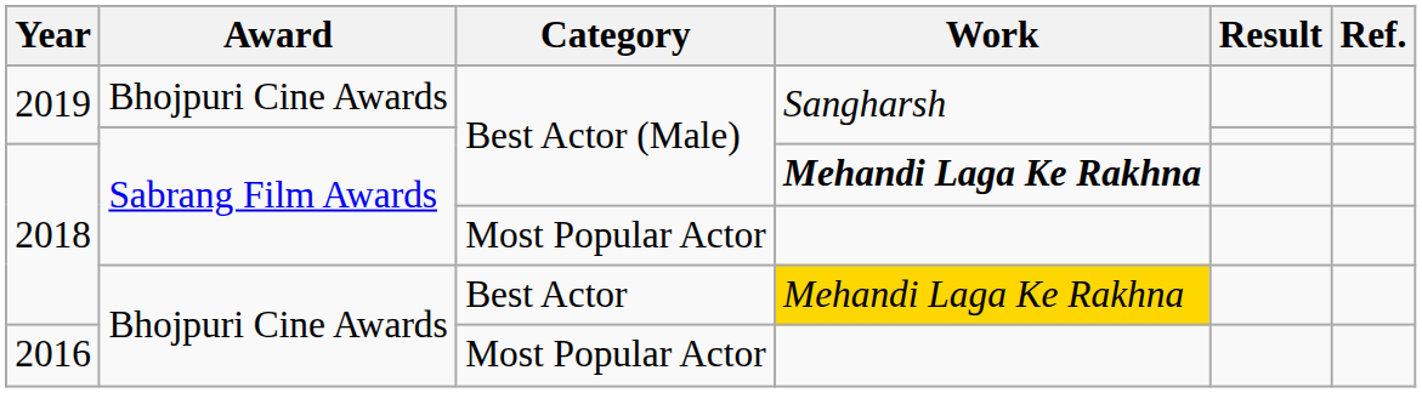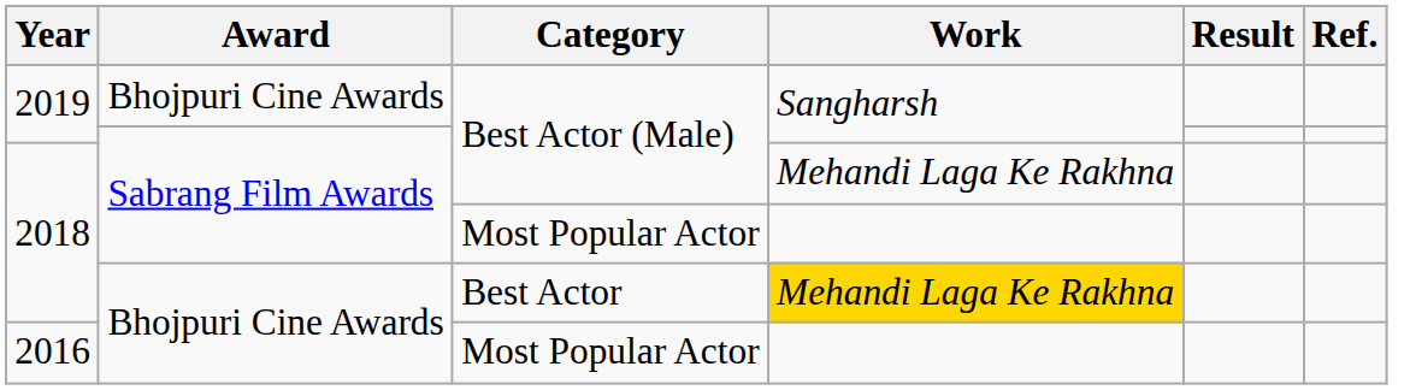 <table class="wikitable">
 <tr>
 <th>Year</th>
 <th>Award</th>
 <th>Category</th>
 <th>Work</th>
 <th>Result</th>
 <th>Ref.</th>
 </tr>
 <tr>
 <td rowspan="2">2019</td>
 <td>Bhojpuri Cine Awards</td>
 <td rowspan=3>Best Actor (Male)</td>
 <td rowspan=2><em>Sangharsh</em></td>
 <td></td>
 <td></td>
 </tr>
 <tr>
 <td rowspan=3><a href='#'>Sabrang Film Awards</a></td>
 <td></td>
 <td></td>
 </tr>
 <tr>
 <td rowspan=3>2018</td>
-<td><strong><em>Mehandi Laga Ke Rakhna</em></strong></td>
+<td><em>Mehandi Laga Ke Rakhna</em></td>
 <td></td>
 <td></td>
 </tr>
 <tr>
 <td>Most Popular Actor</td>
 <td></td>
 <td></td>
 <td></td>
 </tr>
 <tr>
 <td rowspan="2">Bhojpuri Cine Awards</td>
 <td>Best Actor</td>
 <td style="background: gold;"><em>Mehandi Laga Ke Rakhna</em></td>
 <td></td>
 <td></td>
 </tr>
 <tr>
 <td>2016</td>
 <td>Most Popular Actor</td>
 <td></td>
 <td></td>
 <td></td>
 </tr>
 </table>
